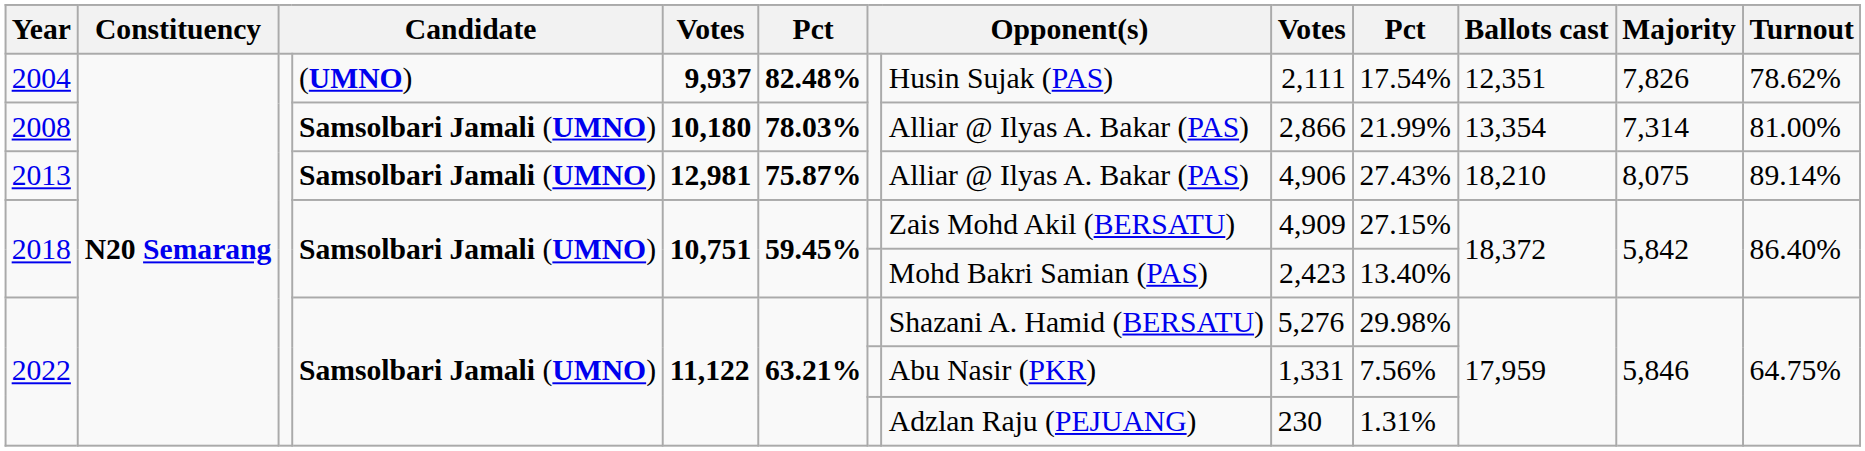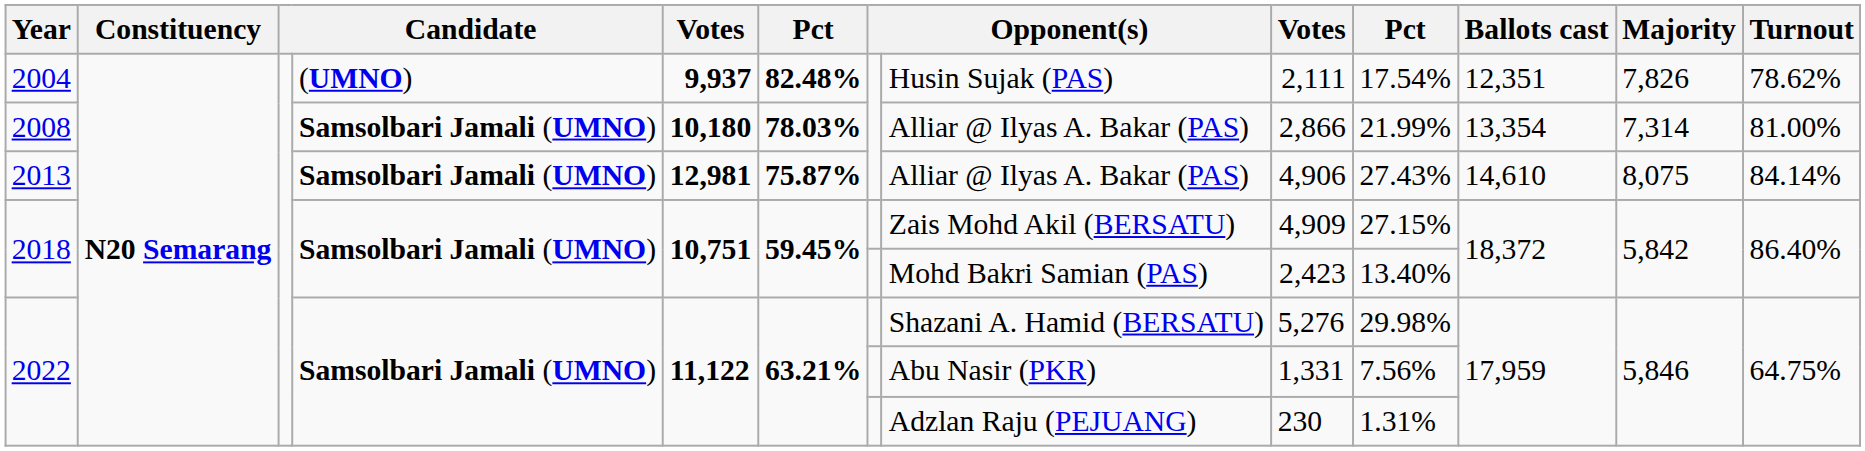 <table class="wikitable" style="margin:0.5em ; font-size:95%">
 <tr>
 <th>Year</th>
 <th>Constituency</th>
 <th colspan=2>Candidate</th>
 <th>Votes</th>
 <th>Pct</th>
 <th colspan=2>Opponent(s)</th>
 <th>Votes</th>
 <th>Pct</th>
 <th>Ballots cast</th>
 <th>Majority</th>
 <th>Turnout</th>
 </tr>
 <tr>
 <td><a href='#'>2004</a></td>
 <td rowspan="8"><strong>N20 <a href='#'>Semarang</a></strong></td>
 <td rowspan="8" ></td>
 <td> (<a href='#'><strong>UMNO</strong></a>)</td>
 <td align="right"><strong>9,937</strong></td>
 <td><strong>82.48%</strong></td>
 <td rowspan="3" ></td>
 <td>Husin Sujak (<a href='#'>PAS</a>)</td>
 <td align="right">2,111</td>
 <td>17.54%</td>
 <td>12,351</td>
 <td>7,826</td>
 <td>78.62%</td>
 </tr>
 <tr>
 <td><a href='#'>2008</a></td>
 <td><strong>Samsolbari Jamali</strong> (<a href='#'><strong>UMNO</strong></a>)</td>
 <td align="right"><strong>10,180</strong></td>
 <td><strong>78.03%</strong></td>
 <td>Alliar @ Ilyas A. Bakar (<a href='#'>PAS</a>)</td>
 <td align="right">2,866</td>
 <td>21.99%</td>
 <td>13,354</td>
 <td>7,314</td>
 <td>81.00%</td>
 </tr>
 <tr>
 <td><a href='#'>2013</a></td>
 <td><strong>Samsolbari Jamali</strong> (<a href='#'><strong>UMNO</strong></a>)</td>
 <td align="right"><strong>12,981</strong></td>
 <td><strong>75.87%</strong></td>
 <td>Alliar @ Ilyas A. Bakar (<a href='#'>PAS</a>)</td>
 <td align="right">4,906</td>
 <td>27.43%</td>
-<td>18,210</td>
+<td>14,610</td>
 <td>8,075</td>
-<td>89.14%</td>
+<td>84.14%</td>
 </tr>
 <tr>
 <td rowspan=2><a href='#'>2018</a></td>
 <td rowspan="2"><strong>Samsolbari Jamali</strong> (<a href='#'><strong>UMNO</strong></a>)</td>
 <td rowspan=2 align="right"><strong>10,751</strong></td>
 <td rowspan=2><strong>59.45%</strong></td>
 <td></td>
 <td>Zais Mohd Akil (<a href='#'>BERSATU</a>)</td>
 <td align="right">4,909</td>
 <td>27.15%</td>
 <td rowspan=2>18,372</td>
 <td rowspan=2>5,842</td>
 <td rowspan=2>86.40%</td>
 </tr>
 <tr>
 <td></td>
 <td>Mohd Bakri Samian (<a href='#'>PAS</a>)</td>
 <td align="right">2,423</td>
 <td>13.40%</td>
 </tr>
 <tr>
 <td rowspan="3"><a href='#'>2022</a></td>
 <td rowspan="3"><strong>Samsolbari Jamali</strong> (<a href='#'><strong>UMNO</strong></a>)</td>
 <td rowspan="3"><strong>11,122</strong></td>
 <td rowspan="3"><strong>63.21%</strong></td>
 <td></td>
 <td>Shazani A. Hamid (<a href='#'>BERSATU</a>)</td>
 <td>5,276</td>
 <td>29.98%</td>
 <td rowspan="3">17,959</td>
 <td rowspan="3">5,846</td>
 <td rowspan="3">64.75%</td>
 </tr>
 <tr>
 <td></td>
 <td>Abu Nasir (<a href='#'>PKR</a>)</td>
 <td>1,331</td>
 <td>7.56%</td>
 </tr>
 <tr>
 <td></td>
 <td>Adzlan Raju (<a href='#'>PEJUANG</a>)</td>
 <td>230</td>
 <td>1.31%</td>
 </tr>
 </table>
